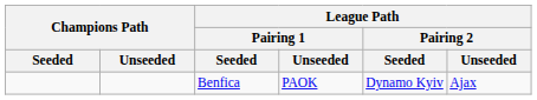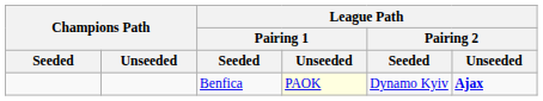 <table class="wikitable" style="font-size:80%">
 <tr>
 <th rowspan=2 colspan=2>Champions Path</th>
 <th colspan=4>League Path</th>
 </tr>
 <tr>
 <th colspan=2>Pairing 1</th>
 <th colspan=2>Pairing 2</th>
 </tr>
 <tr>
 <th width=18%>Seeded</th>
 <th width=18%>Unseeded</th>
 <th width=16%>Seeded</th>
 <th width=16%>Unseeded</th>
 <th width=16%>Seeded</th>
 <th width=16%>Unseeded</th>
 </tr>
 <tr>
 <td valign=top></td>
 <td valign=top></td>
 <td valign=top> <a href='#'>Benfica</a></td>
-<td valign=top> <a href='#'>PAOK</a></td>
+<td valign=top style="background: lightyellow;"> <a href='#'>PAOK</a></td>
 <td valign=top> <a href='#'>Dynamo Kyiv</a></td>
-<td valign=top> <a href='#'>Ajax</a></td>
+<td valign=top><strong> <a href='#'>Ajax</a></strong></td>
 </tr>
 </table>
